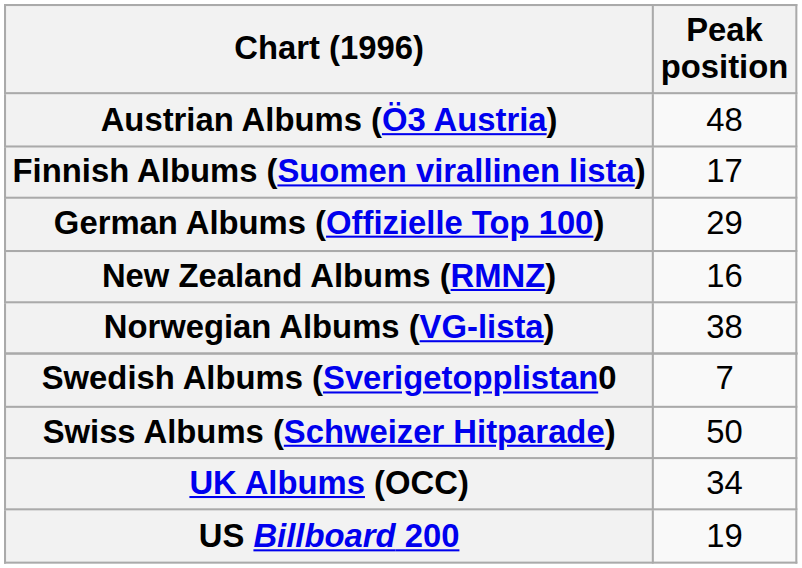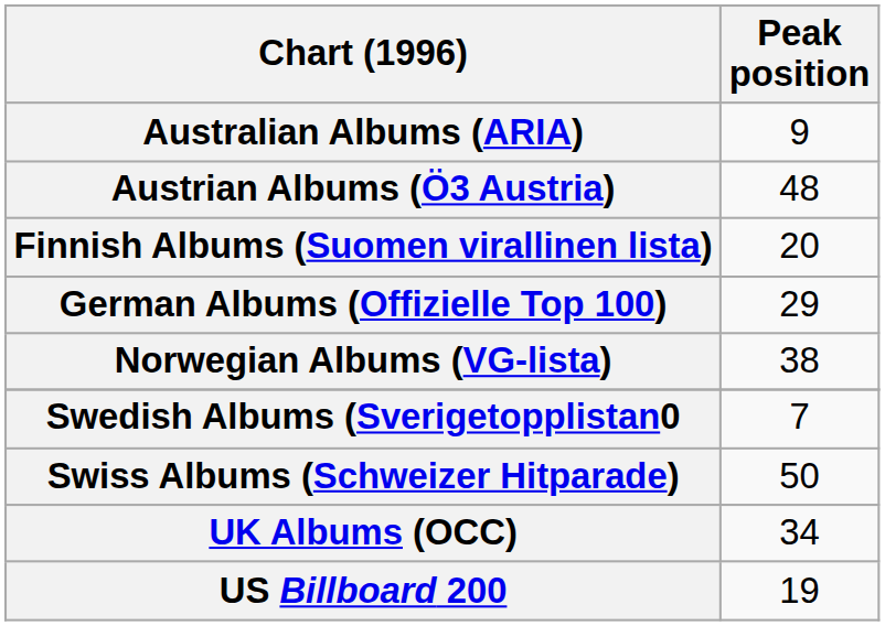 <table class="wikitable sortable plainrowheaders">
 <tr>
 <th scope="col">Chart (1996)</th>
 <th scope="col'">Peak<br>position</th>
+</tr>
+<tr>
+<th scope="row">Australian Albums (<a href='#'>ARIA</a>)</th>
+<td align="center">9</td>
 </tr>
 <tr>
 <th scope="row">Austrian Albums (<a href='#'>Ö3 Austria</a>)</th>
 <td align="center">48</td>
 </tr>
 <tr>
 <th scope="row">Finnish Albums (<a href='#'>Suomen virallinen lista</a>)</th>
-<td align="center">17</td>
+<td align="center">20</td>
 </tr>
 <tr>
 <th scope="row">German Albums (<a href='#'>Offizielle Top 100</a>)</th>
 <td align="center">29</td>
-</tr>
-<tr>
-<th scope="row">New Zealand Albums (<a href='#'>RMNZ</a>)</th>
-<td align="center">16</td>
 </tr>
 <tr>
 <th scope="row">Norwegian Albums (<a href='#'>VG-lista</a>)</th>
 <td align="center">38</td>
 </tr>
 <tr>
 </tr>
 <tr>
 <th scope="row">Swedish Albums (<a href='#'>Sverigetopplistan</a>0</th>
 <td align="center">7</td>
 </tr>
 <tr>
 <th scope="row">Swiss Albums (<a href='#'>Schweizer Hitparade</a>)</th>
 <td align="center">50</td>
 </tr>
 <tr>
 <th scope="row"><a href='#'>UK Albums</a> (OCC)</th>
 <td align="center">34</td>
 </tr>
 <tr>
 <th scope="row">US <a href='#'><em>Billboard</em> 200</a></th>
 <td align="center">19</td>
 </tr>
 </table>
